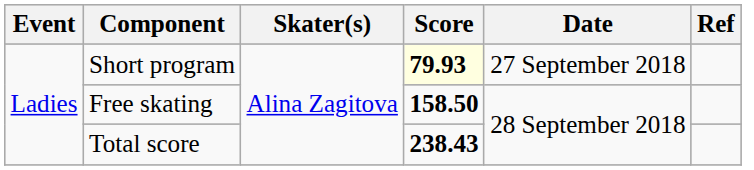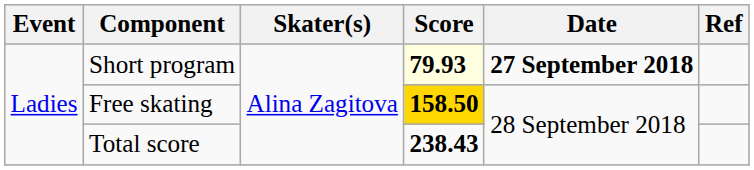 <table class="wikitable sortable">
 <tr>
 <th>Event</th>
 <th>Component</th>
 <th>Skater(s)</th>
 <th>Score</th>
 <th>Date</th>
 <th>Ref</th>
 </tr>
 <tr>
 <td rowspan=3><a href='#'>Ladies</a></td>
 <td>Short program</td>
 <td rowspan=3> <a href='#'>Alina Zagitova</a></td>
 <td style="background: lightyellow;"><strong>79.93</strong></td>
-<td>27 September 2018</td>
+<td><strong>27 September 2018</strong></td>
 <td></td>
 </tr>
 <tr>
 <td>Free skating</td>
-<td><strong>158.50</strong></td>
+<td style="background: gold;"><strong>158.50</strong></td>
 <td rowspan=2>28 September 2018</td>
 <td></td>
 </tr>
 <tr>
 <td>Total score</td>
 <td><strong>238.43</strong></td>
 <td></td>
 </tr>
 </table>
